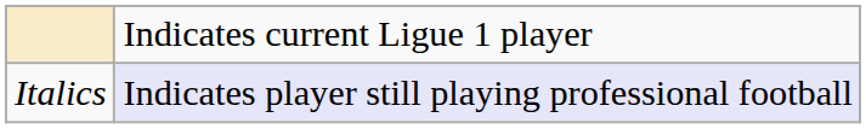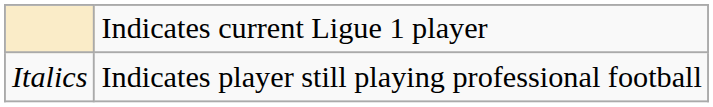 <table class="wikitable">
 <tr>
 <td align=center style="background-color:#faecc8"></td>
 <td>Indicates current Ligue 1 player</td>
 </tr>
 <tr>
 <td><em>Italics</em></td>
-<td style="background: lavender;">Indicates player still playing professional football</td>
+<td>Indicates player still playing professional football</td>
 </tr>
 </table>
